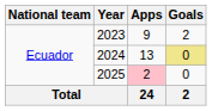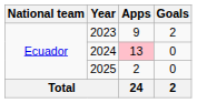 <table class="wikitable" style="text-align:center">
 <tr>
 <th>National team</th>
 <th>Year</th>
 <th>Apps</th>
 <th>Goals</th>
 </tr>
 <tr>
 <td rowspan="3"><a href='#'>Ecuador</a></td>
 <td>2023</td>
 <td>9</td>
 <td>2</td>
 </tr>
 <tr>
 <td>2024</td>
-<td>13</td>
-<td style="background: khaki;">0</td>
+<td style="background: pink;">13</td>
+<td>0</td>
 </tr>
 <tr>
 <td>2025</td>
-<td style="background: pink;">2</td>
+<td>2</td>
 <td>0</td>
 </tr>
 <tr>
 <th colspan="2">Total</th>
 <th>24</th>
 <th>2</th>
 </tr>
 </table>
